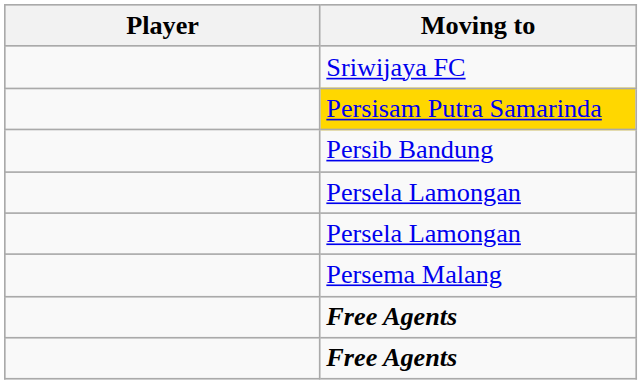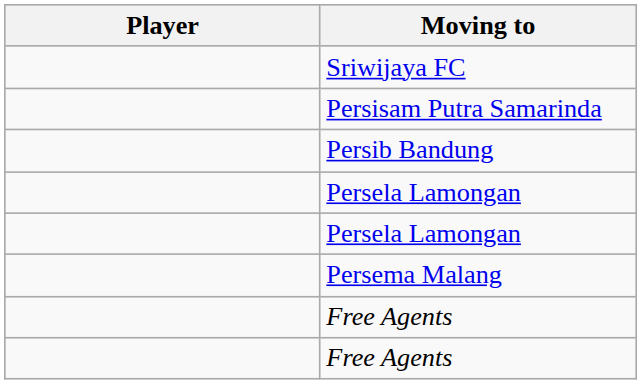 <table class="wikitable sortable">
 <tr>
 <th style="width:185px;">Player</th>
 <th style="width:185px;">Moving to</th>
 </tr>
 <tr>
 <td> </td>
 <td> <a href='#'>Sriwijaya FC</a></td>
 </tr>
 <tr>
 <td> </td>
-<td style="background: gold;"> <a href='#'>Persisam Putra Samarinda</a></td>
+<td> <a href='#'>Persisam Putra Samarinda</a></td>
 </tr>
 <tr>
 <td> </td>
 <td> <a href='#'>Persib Bandung</a></td>
 </tr>
 <tr>
 <td> </td>
 <td> <a href='#'>Persela Lamongan</a></td>
 </tr>
 <tr>
 <td> </td>
 <td> <a href='#'>Persela Lamongan</a></td>
 </tr>
 <tr>
 <td> </td>
 <td> <a href='#'>Persema Malang</a></td>
 </tr>
 <tr>
 <td> </td>
-<td><strong><em>Free Agents</em></strong></td>
+<td><em>Free Agents</em></td>
 </tr>
 <tr>
 <td> </td>
-<td><strong><em>Free Agents</em></strong></td>
+<td><em>Free Agents</em></td>
 </tr>
 </table>
